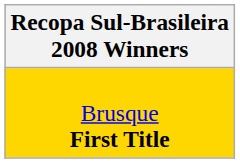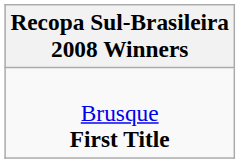 <table class="wikitable" style="text-align: center; margin: 0 auto;">
 <tr>
 <th>Recopa Sul-Brasileira<br>2008 Winners</th>
 </tr>
 <tr>
-<td style="background: gold;"><br> <a href='#'>Brusque</a><br><strong>First Title</strong></td>
+<td><br> <a href='#'>Brusque</a><br><strong>First Title</strong></td>
 </tr>
 </table>
